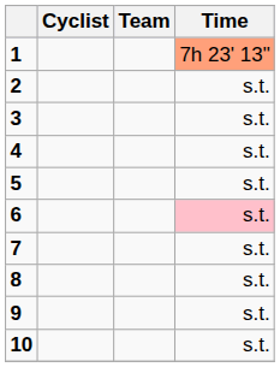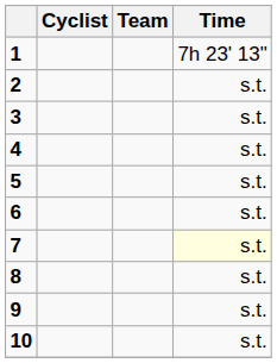 <table class="wikitable">
 <tr style="background:#ccccff;">
 <th></th>
 <th>Cyclist</th>
 <th>Team</th>
 <th>Time</th>
 </tr>
 <tr>
 <td><strong>1</strong></td>
 <td></td>
 <td></td>
-<td align=right style="background: lightsalmon;">7h 23' 13"</td>
+<td align=right>7h 23' 13"</td>
 </tr>
 <tr>
 <td><strong>2</strong></td>
 <td></td>
 <td></td>
 <td align=right>s.t.</td>
 </tr>
 <tr>
 <td><strong>3</strong></td>
 <td></td>
 <td></td>
 <td align=right>s.t.</td>
 </tr>
 <tr>
 <td><strong>4</strong></td>
 <td></td>
 <td></td>
 <td align=right>s.t.</td>
 </tr>
 <tr>
 <td><strong>5</strong></td>
 <td></td>
 <td></td>
 <td align=right>s.t.</td>
 </tr>
 <tr>
 <td><strong>6</strong></td>
 <td></td>
 <td></td>
-<td align=right style="background: pink;">s.t.</td>
+<td align=right>s.t.</td>
 </tr>
 <tr>
 <td><strong>7</strong></td>
 <td></td>
 <td></td>
-<td align=right>s.t.</td>
+<td align=right style="background: lightyellow;">s.t.</td>
 </tr>
 <tr>
 <td><strong>8</strong></td>
 <td></td>
 <td></td>
 <td align=right>s.t.</td>
 </tr>
 <tr>
 <td><strong>9</strong></td>
 <td></td>
 <td></td>
 <td align=right>s.t.</td>
 </tr>
 <tr>
 <td><strong>10</strong></td>
 <td></td>
 <td></td>
 <td align=right>s.t.</td>
 </tr>
 <tr>
 </tr>
 </table>
